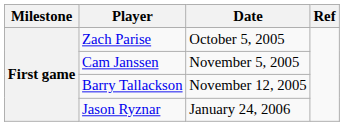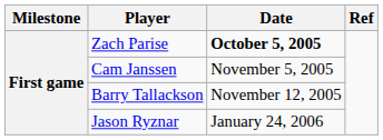 <table class="wikitable">
 <tr>
 <th scope="col">Milestone</th>
 <th scope="col">Player</th>
 <th scope="col">Date</th>
 <th scope="col">Ref</th>
 </tr>
 <tr>
 <th rowspan=4>First game</th>
 <td><a href='#'>Zach Parise</a></td>
-<td>October 5, 2005</td>
+<td><strong>October 5, 2005</strong></td>
 <td rowspan=4></td>
 </tr>
 <tr>
 <td><a href='#'>Cam Janssen</a></td>
 <td>November 5, 2005</td>
 </tr>
 <tr>
 <td><a href='#'>Barry Tallackson</a></td>
 <td>November 12, 2005</td>
 </tr>
 <tr>
 <td><a href='#'>Jason Ryznar</a></td>
 <td>January 24, 2006</td>
 </tr>
 </table>
